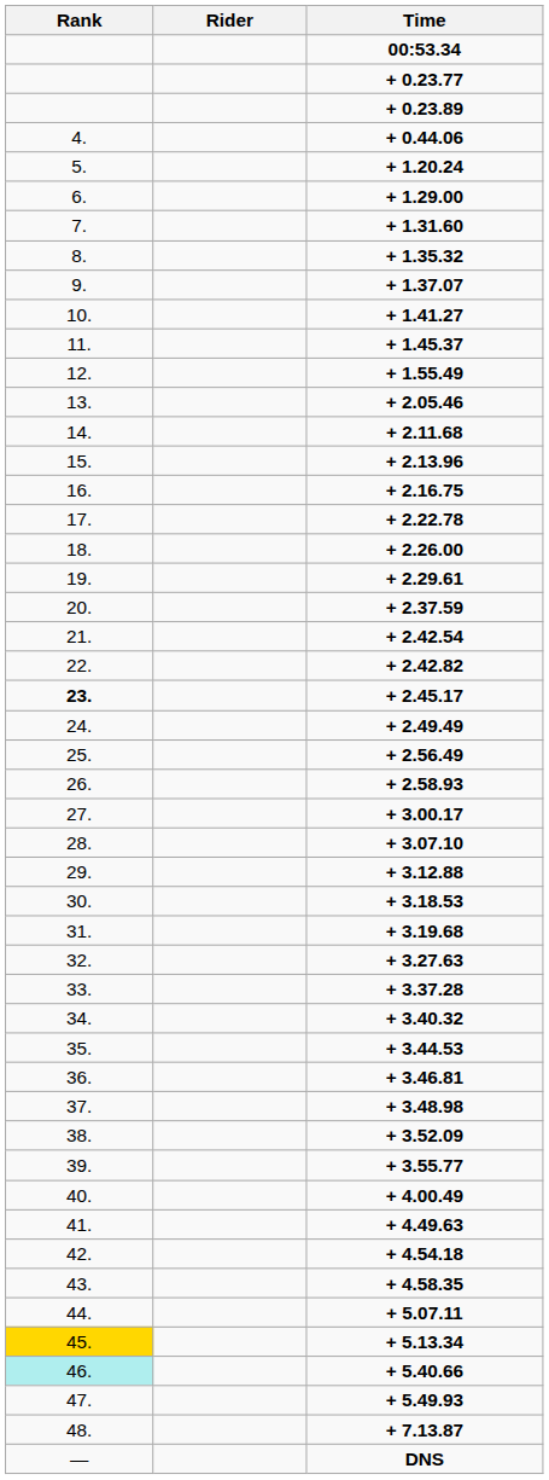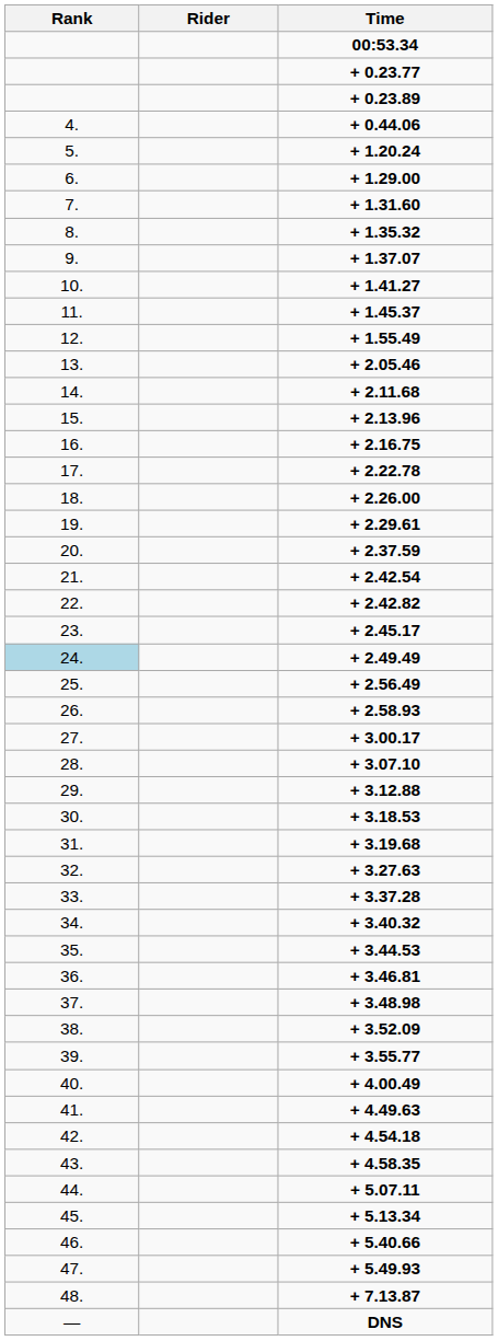 <table class=wikitable style="font-size:95%" width="50%">
 <tr>
 <th>Rank</th>
 <th>Rider</th>
 <th>Time</th>
 </tr>
 <tr>
 <td align="center"></td>
 <td></td>
 <td align="center"><strong>00:53.34</strong></td>
 </tr>
 <tr>
 <td align="center"></td>
 <td></td>
 <td align="center"><strong> + 0.23.77</strong></td>
 </tr>
 <tr>
 <td align="center"></td>
 <td></td>
 <td align="center"><strong>+ 0.23.89</strong></td>
 </tr>
 <tr>
 <td align="center">4.</td>
 <td></td>
 <td align="center"><strong>+ 0.44.06</strong></td>
 </tr>
 <tr>
 <td align="center">5.</td>
 <td></td>
 <td align="center"><strong> + 1.20.24</strong></td>
 </tr>
 <tr>
 <td align="center">6.</td>
 <td></td>
 <td align="center"><strong> + 1.29.00</strong></td>
 </tr>
 <tr>
 <td align="center">7.</td>
 <td></td>
 <td align="center"><strong> + 1.31.60</strong></td>
 </tr>
 <tr>
 <td align="center">8.</td>
 <td></td>
 <td align="center"><strong> + 1.35.32</strong></td>
 </tr>
 <tr>
 <td align="center">9.</td>
 <td></td>
 <td align="center"><strong> + 1.37.07</strong></td>
 </tr>
 <tr>
 <td align="center">10.</td>
 <td></td>
 <td align="center"><strong> + 1.41.27</strong></td>
 </tr>
 <tr>
 <td align="center">11.</td>
 <td></td>
 <td align="center"><strong> + 1.45.37</strong></td>
 </tr>
 <tr>
 <td align="center">12.</td>
 <td></td>
 <td align="center"><strong> + 1.55.49</strong></td>
 </tr>
 <tr>
 <td align="center">13.</td>
 <td></td>
 <td align="center"><strong> + 2.05.46</strong></td>
 </tr>
 <tr>
 <td align="center">14.</td>
 <td></td>
 <td align="center"><strong> + 2.11.68</strong></td>
 </tr>
 <tr>
 <td align="center">15.</td>
 <td></td>
 <td align="center"><strong> + 2.13.96</strong></td>
 </tr>
 <tr>
 <td align="center">16.</td>
 <td></td>
 <td align="center"><strong> + 2.16.75</strong></td>
 </tr>
 <tr>
 <td align="center">17.</td>
 <td></td>
 <td align="center"><strong> + 2.22.78</strong></td>
 </tr>
 <tr>
 <td align="center">18.</td>
 <td></td>
 <td align="center"><strong> + 2.26.00</strong></td>
 </tr>
 <tr>
 <td align="center">19.</td>
 <td></td>
 <td align="center"><strong> + 2.29.61</strong></td>
 </tr>
 <tr>
 <td align="center">20.</td>
 <td></td>
 <td align="center"><strong> + 2.37.59</strong></td>
 </tr>
 <tr>
 <td align="center">21.</td>
 <td></td>
 <td align="center"><strong> + 2.42.54</strong></td>
 </tr>
 <tr>
 <td align="center">22.</td>
 <td></td>
 <td align="center"><strong> + 2.42.82</strong></td>
 </tr>
 <tr>
-<td align="center"><strong>23.</strong></td>
+<td align="center">23.</td>
 <td></td>
 <td align="center"><strong> + 2.45.17</strong></td>
 </tr>
 <tr>
-<td align="center">24.</td>
+<td align="center" style="background: lightblue;">24.</td>
 <td></td>
 <td align="center"><strong> + 2.49.49</strong></td>
 </tr>
 <tr>
 <td align="center">25.</td>
 <td></td>
 <td align="center"><strong> + 2.56.49</strong></td>
 </tr>
 <tr>
 <td align="center">26.</td>
 <td></td>
 <td align="center"><strong> + 2.58.93</strong></td>
 </tr>
 <tr>
 <td align="center">27.</td>
 <td></td>
 <td align="center"><strong> + 3.00.17</strong></td>
 </tr>
 <tr>
 <td align="center">28.</td>
 <td></td>
 <td align="center"><strong> + 3.07.10</strong></td>
 </tr>
 <tr>
 <td align="center">29.</td>
 <td></td>
 <td align="center"><strong> + 3.12.88</strong></td>
 </tr>
 <tr>
 <td align="center">30.</td>
 <td></td>
 <td align="center"><strong> + 3.18.53</strong></td>
 </tr>
 <tr>
 <td align="center">31.</td>
 <td></td>
 <td align="center"><strong> + 3.19.68</strong></td>
 </tr>
 <tr>
 <td align="center">32.</td>
 <td></td>
 <td align="center"><strong> + 3.27.63</strong></td>
 </tr>
 <tr>
 <td align="center">33.</td>
 <td></td>
 <td align="center"><strong> + 3.37.28</strong></td>
 </tr>
 <tr>
 <td align="center">34.</td>
 <td></td>
 <td align="center"><strong> + 3.40.32</strong></td>
 </tr>
 <tr>
 <td align="center">35.</td>
 <td></td>
 <td align="center"><strong> + 3.44.53</strong></td>
 </tr>
 <tr>
 <td align="center">36.</td>
 <td></td>
 <td align="center"><strong> + 3.46.81</strong></td>
 </tr>
 <tr>
 <td align="center">37.</td>
 <td></td>
 <td align="center"><strong> + 3.48.98</strong></td>
 </tr>
 <tr>
 <td align="center">38.</td>
 <td></td>
 <td align="center"><strong> + 3.52.09</strong></td>
 </tr>
 <tr>
 <td align="center">39.</td>
 <td></td>
 <td align="center"><strong> + 3.55.77</strong></td>
 </tr>
 <tr>
 <td align="center">40.</td>
 <td></td>
 <td align="center"><strong> + 4.00.49</strong></td>
 </tr>
 <tr>
 <td align="center">41.</td>
 <td></td>
 <td align="center"><strong> + 4.49.63</strong></td>
 </tr>
 <tr>
 <td align="center">42.</td>
 <td></td>
 <td align="center"><strong> + 4.54.18</strong></td>
 </tr>
 <tr>
 <td align="center">43.</td>
 <td></td>
 <td align="center"><strong> + 4.58.35</strong></td>
 </tr>
 <tr>
 <td align="center">44.</td>
 <td></td>
 <td align="center"><strong> + 5.07.11</strong></td>
 </tr>
 <tr>
-<td align="center" style="background: gold;">45.</td>
+<td align="center">45.</td>
 <td></td>
 <td align="center"><strong> + 5.13.34</strong></td>
 </tr>
 <tr>
-<td align="center" style="background: paleturquoise;">46.</td>
+<td align="center">46.</td>
 <td></td>
 <td align="center"><strong> + 5.40.66</strong></td>
 </tr>
 <tr>
 <td align="center">47.</td>
 <td></td>
 <td align="center"><strong> + 5.49.93</strong></td>
 </tr>
 <tr>
 <td align="center">48.</td>
 <td></td>
 <td align="center"><strong> + 7.13.87</strong></td>
 </tr>
 <tr>
 <td align="center">—</td>
 <td></td>
 <td align="center"><strong>DNS</strong></td>
 </tr>
 </table>
